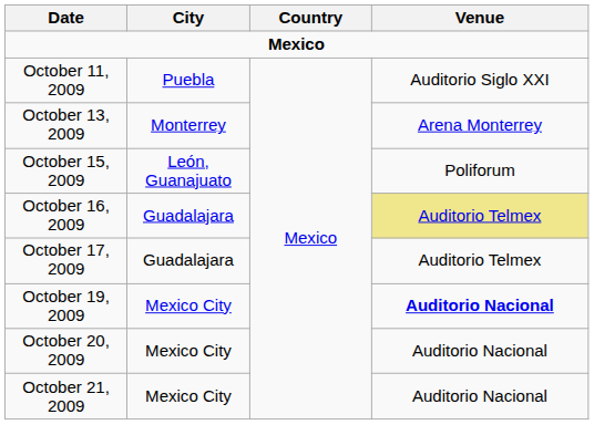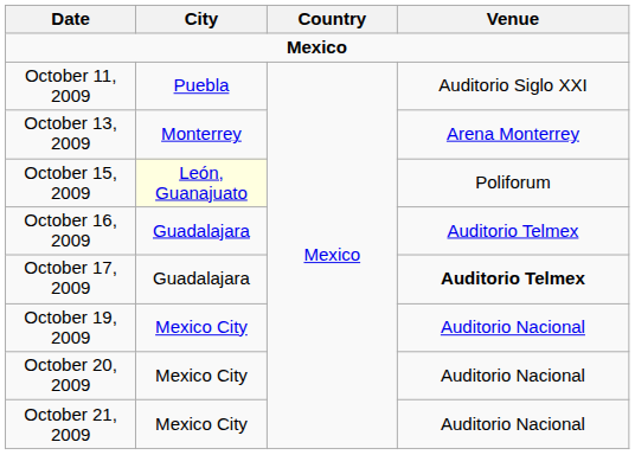 <table class="wikitable" style="text-align:center;">
 <tr>
 <th width="110">Date</th>
 <th width="110">City</th>
 <th width="110">Country</th>
 <th width="200">Venue</th>
 </tr>
 <tr>
 <td colspan=4><strong>Mexico</strong></td>
 </tr>
 <tr>
 <td>October 11, 2009</td>
 <td><a href='#'>Puebla</a></td>
 <td rowspan="8"><a href='#'>Mexico</a></td>
 <td>Auditorio Siglo XXI</td>
 </tr>
 <tr>
 <td>October 13, 2009</td>
 <td><a href='#'>Monterrey</a></td>
 <td><a href='#'>Arena Monterrey</a></td>
 </tr>
 <tr>
 <td>October 15, 2009</td>
-<td><a href='#'>León, Guanajuato</a></td>
+<td style="background: lightyellow;"><a href='#'>León, Guanajuato</a></td>
 <td>Poliforum</td>
 </tr>
 <tr>
 <td>October 16, 2009</td>
 <td><a href='#'>Guadalajara</a></td>
-<td style="background: khaki;"><a href='#'>Auditorio Telmex</a></td>
+<td><a href='#'>Auditorio Telmex</a></td>
 </tr>
 <tr>
 <td>October 17, 2009</td>
 <td>Guadalajara</td>
-<td>Auditorio Telmex</td>
+<td><strong>Auditorio Telmex</strong></td>
 </tr>
 <tr>
 <td>October 19, 2009</td>
 <td><a href='#'>Mexico City</a></td>
-<td><strong><a href='#'>Auditorio Nacional</a></strong></td>
+<td><a href='#'>Auditorio Nacional</a></td>
 </tr>
 <tr>
 <td>October 20, 2009</td>
 <td>Mexico City</td>
 <td>Auditorio Nacional</td>
 </tr>
 <tr>
 <td>October 21, 2009</td>
 <td>Mexico City</td>
 <td>Auditorio Nacional</td>
 </tr>
 </table>
